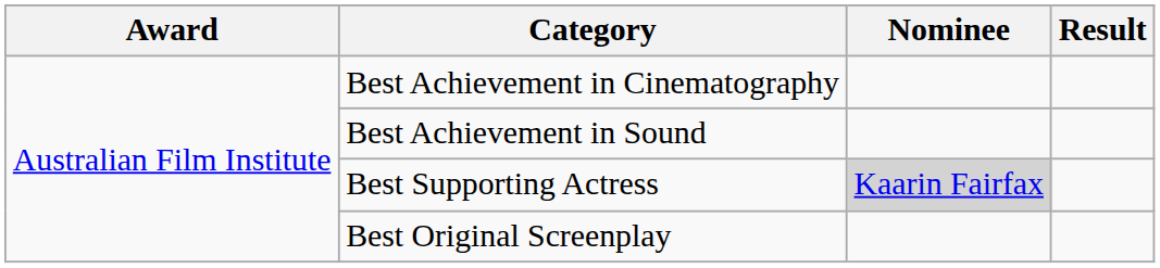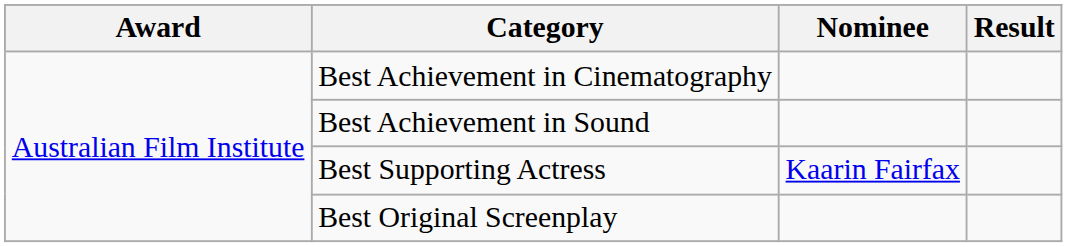 <table class="wikitable">
 <tr>
 <th>Award</th>
 <th>Category</th>
 <th>Nominee</th>
 <th>Result</th>
 </tr>
 <tr>
 <td rowspan=4><a href='#'>Australian Film Institute</a></td>
 <td>Best Achievement in Cinematography</td>
 <td></td>
 <td></td>
 </tr>
 <tr>
 <td>Best Achievement in Sound</td>
 <td></td>
 <td></td>
 </tr>
 <tr>
 <td>Best Supporting Actress</td>
-<td style="background: lightgrey;"><a href='#'>Kaarin Fairfax</a></td>
+<td><a href='#'>Kaarin Fairfax</a></td>
 <td></td>
 </tr>
 <tr>
 <td>Best Original Screenplay</td>
 <td></td>
 <td></td>
 </tr>
 </table>
